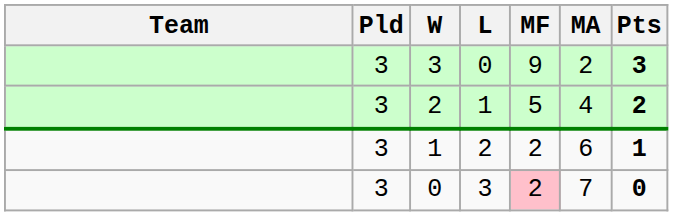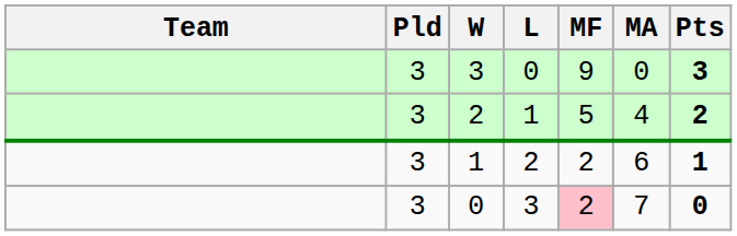 <table class=wikitable style="text-align:center">
 <tr>
 <th width=175>Team</th>
 <th width=20>Pld</th>
 <th width=20>W</th>
 <th width=20>L</th>
 <th width=20>MF</th>
 <th width=20>MA</th>
 <th width=20>Pts</th>
 </tr>
 <tr bgcolor=ccffcc>
 <td style="text-align:left"></td>
 <td>3</td>
 <td>3</td>
 <td>0</td>
 <td>9</td>
-<td>2</td>
+<td>0</td>
 <td><strong>3</strong></td>
 </tr>
 <tr bgcolor=ccffcc style="border-bottom:2px solid green;">
 <td style="text-align:left"></td>
 <td>3</td>
 <td>2</td>
 <td>1</td>
 <td>5</td>
 <td>4</td>
 <td><strong>2</strong></td>
 </tr>
 <tr>
 <td style="text-align:left"></td>
 <td>3</td>
 <td>1</td>
 <td>2</td>
 <td>2</td>
 <td>6</td>
 <td><strong>1</strong></td>
 </tr>
 <tr>
 <td style="text-align:left"></td>
 <td>3</td>
 <td>0</td>
 <td>3</td>
 <td style="background: pink;">2</td>
 <td>7</td>
 <td><strong>0</strong></td>
 </tr>
 </table>
